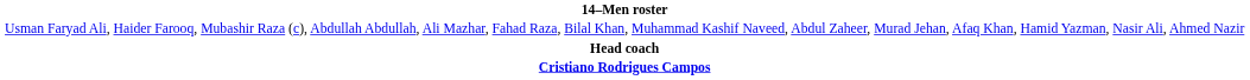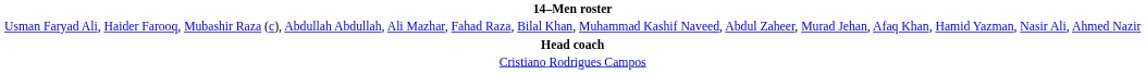 <table style="text-align:center; margin-top:2em; margin-left:auto; margin-right:auto">
 <tr>
 <td><strong>14–Men roster</strong></td>
 </tr>
 <tr>
 <td><a href='#'>Usman Faryad Ali</a>, <a href='#'>Haider Farooq</a>, <a href='#'>Mubashir Raza</a> (<a href='#'>c</a>), <a href='#'>Abdullah Abdullah</a>, <a href='#'>Ali Mazhar</a>, <a href='#'>Fahad Raza</a>, <a href='#'>Bilal Khan</a>, <a href='#'>Muhammad Kashif Naveed</a>, <a href='#'>Abdul Zaheer</a>, <a href='#'>Murad Jehan</a>, <a href='#'>Afaq Khan</a>, <a href='#'>Hamid Yazman</a>, <a href='#'>Nasir Ali</a>, <a href='#'>Ahmed Nazir</a></td>
 </tr>
 <tr>
 <td><strong>Head coach</strong></td>
 </tr>
 <tr>
-<td><strong><a href='#'>Cristiano Rodrigues Campos</a></strong></td>
+<td><a href='#'>Cristiano Rodrigues Campos</a></td>
 </tr>
 </table>
